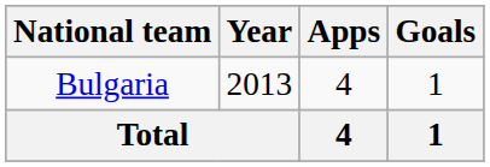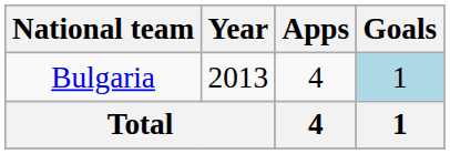 <table class="wikitable" style="text-align:center">
 <tr>
 <th>National team</th>
 <th>Year</th>
 <th>Apps</th>
 <th>Goals</th>
 </tr>
 <tr>
 <td><a href='#'>Bulgaria</a></td>
 <td>2013</td>
 <td>4</td>
-<td>1</td>
+<td style="background: lightblue;">1</td>
 </tr>
 <tr>
 <th colspan="2">Total</th>
 <th>4</th>
 <th>1</th>
 </tr>
 </table>
